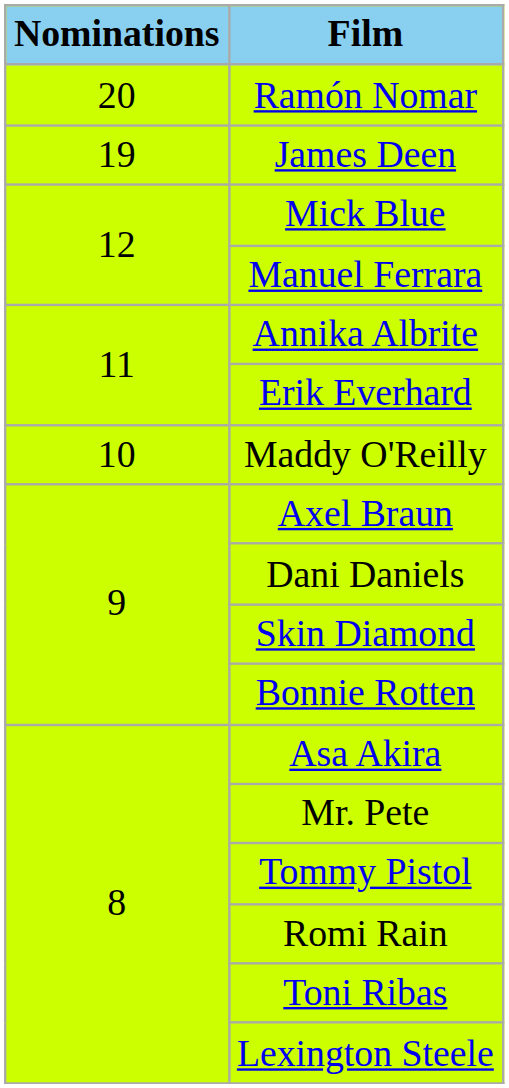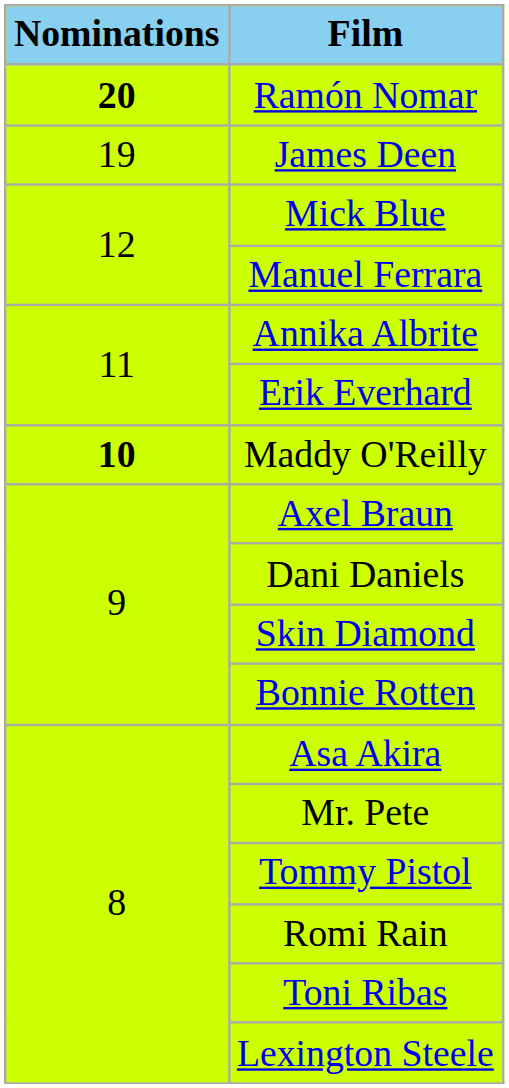 <table class="wikitable" rowspan=2 style="text-align: center; background: #ccff00">
 <tr>
 <th width="55" style="background:#89cff0">Nominations</th>
 <th style="background:#89cff0">Film</th>
 </tr>
 <tr>
-<td>20</td>
+<td><strong>20</strong></td>
 <td><a href='#'>Ramón Nomar</a></td>
 </tr>
 <tr>
 <td>19</td>
 <td><a href='#'>James Deen</a></td>
 </tr>
 <tr>
 <td rowspan=2>12</td>
 <td><a href='#'>Mick Blue</a></td>
 </tr>
 <tr>
 <td><a href='#'>Manuel Ferrara</a></td>
 </tr>
 <tr>
 <td rowspan=2>11</td>
 <td><a href='#'>Annika Albrite</a></td>
 </tr>
 <tr>
 <td><a href='#'>Erik Everhard</a></td>
 </tr>
 <tr>
-<td>10</td>
+<td><strong>10</strong></td>
 <td>Maddy O'Reilly</td>
 </tr>
 <tr>
 <td rowspan=4>9</td>
 <td><a href='#'>Axel Braun</a></td>
 </tr>
 <tr>
 <td>Dani Daniels</td>
 </tr>
 <tr>
 <td><a href='#'>Skin Diamond</a></td>
 </tr>
 <tr>
 <td><a href='#'>Bonnie Rotten</a></td>
 </tr>
 <tr>
 <td rowspan=6>8</td>
 <td><a href='#'>Asa Akira</a></td>
 </tr>
 <tr>
 <td>Mr. Pete</td>
 </tr>
 <tr>
 <td><a href='#'>Tommy Pistol</a></td>
 </tr>
 <tr>
 <td>Romi Rain</td>
 </tr>
 <tr>
 <td><a href='#'>Toni Ribas</a></td>
 </tr>
 <tr>
 <td><a href='#'>Lexington Steele</a></td>
 </tr>
 <tr>
 </tr>
 </table>
